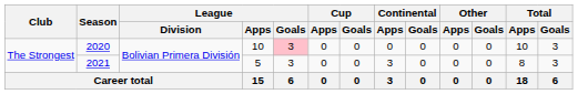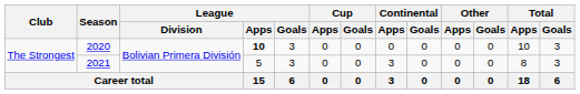 <table class="wikitable" style="text-align: center">
 <tr>
 <th rowspan="2">Club</th>
 <th rowspan="2">Season</th>
 <th colspan="3">League</th>
 <th colspan="2">Cup</th>
 <th colspan="2">Continental</th>
 <th colspan="2">Other</th>
 <th colspan="2">Total</th>
 </tr>
 <tr>
 <th>Division</th>
 <th>Apps</th>
 <th>Goals</th>
 <th>Apps</th>
 <th>Goals</th>
 <th>Apps</th>
 <th>Goals</th>
 <th>Apps</th>
 <th>Goals</th>
 <th>Apps</th>
 <th>Goals</th>
 </tr>
 <tr>
 <td rowspan="2"><a href='#'>The Strongest</a></td>
 <td><a href='#'>2020</a></td>
 <td rowspan="2"><a href='#'>Bolivian Primera División</a></td>
-<td>10</td>
-<td style="background: pink;">3</td>
+<td><strong>10</strong></td>
+<td>3</td>
 <td>0</td>
 <td>0</td>
 <td>0</td>
 <td>0</td>
 <td>0</td>
 <td>0</td>
 <td>10</td>
 <td>3</td>
 </tr>
 <tr>
 <td><a href='#'>2021</a></td>
 <td>5</td>
 <td>3</td>
 <td>0</td>
 <td>0</td>
 <td>3</td>
 <td>0</td>
 <td>0</td>
 <td>0</td>
 <td>8</td>
 <td>3</td>
 </tr>
 <tr>
 <th colspan="3"><strong>Career total</strong></th>
 <th>15</th>
 <th>6</th>
 <th>0</th>
 <th>0</th>
 <th>3</th>
 <th>0</th>
 <th>0</th>
 <th>0</th>
 <th>18</th>
 <th>6</th>
 </tr>
 </table>
